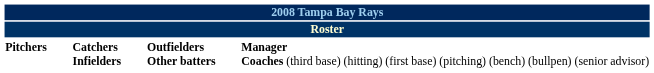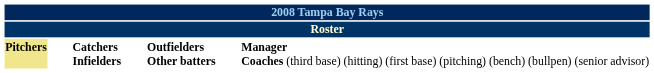 <table class="toccolours" style="font-size: 95%;">
 <tr>
 <th colspan="10" style="background:#00285d; color:#9eceee; text-align:center;">2008 Tampa Bay Rays</th>
 </tr>
 <tr>
 <td colspan="10" style="background:#036; color:#fffdd0; text-align:center;"><strong>Roster</strong></td>
 </tr>
 <tr>
-<td valign="top"><strong>Pitchers</strong><br>                    </td>
+<td valign="top" style="background: khaki;"><strong>Pitchers</strong><br>                    </td>
 <td style="width:25px;"></td>
 <td valign="top"><strong>Catchers</strong><br>     <strong>Infielders</strong>          </td>
 <td style="width:25px;"></td>
 <td valign="top"><strong>Outfielders</strong><br>         <strong>Other batters</strong> </td>
 <td style="width:25px;"></td>
 <td valign="top"><strong>Manager</strong><br> <strong>Coaches</strong>   (third base)  (hitting)  (first base)  (pitching)  (bench)  (bullpen)  (senior advisor)</td>
 </tr>
 </table>
